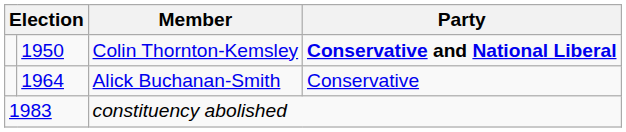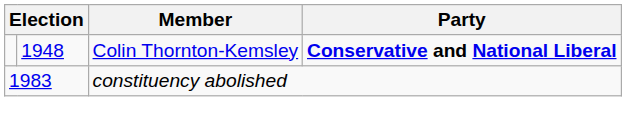 <table class="wikitable">
 <tr>
 <th colspan="2">Election</th>
 <th>Member</th>
 <th>Party</th>
 </tr>
 <tr>
 <td style="color:inherit;background-color: "></td>
-<td><a href='#'>1950</a></td>
+<td><a href='#'>1948</a></td>
 <td><a href='#'>Colin Thornton-Kemsley</a></td>
 <td><strong><a href='#'>Conservative</a> and <a href='#'>National Liberal</a></strong></td>
-</tr>
-<tr>
-<td style="color:inherit;background-color: "></td>
-<td><a href='#'>1964</a></td>
-<td><a href='#'>Alick Buchanan-Smith</a></td>
-<td><a href='#'>Conservative</a></td>
 </tr>
 <tr>
 <td colspan="2"><a href='#'>1983</a></td>
 <td colspan="2"><em>constituency abolished</em></td>
 </tr>
 </table>
